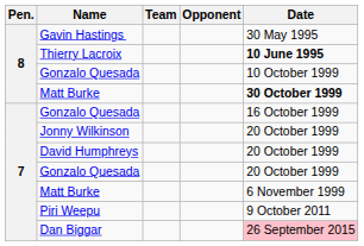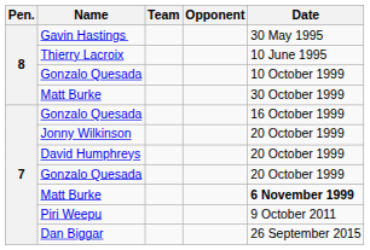 <table class="wikitable">
 <tr>
 <th>Pen.</th>
 <th>Name</th>
 <th>Team</th>
 <th>Opponent</th>
 <th>Date</th>
 </tr>
 <tr>
 <th rowspan="4">8</th>
 <td><a href='#'>Gavin Hastings </a></td>
 <td></td>
 <td></td>
 <td>30 May 1995</td>
 </tr>
 <tr>
 <td><a href='#'>Thierry Lacroix</a></td>
 <td></td>
 <td></td>
-<td><strong>10 June 1995</strong></td>
+<td>10 June 1995</td>
 </tr>
 <tr>
 <td><a href='#'>Gonzalo Quesada</a></td>
 <td></td>
 <td></td>
 <td>10 October 1999</td>
 </tr>
 <tr>
 <td><a href='#'>Matt Burke</a></td>
 <td></td>
 <td></td>
-<td><strong>30 October 1999</strong></td>
+<td>30 October 1999</td>
 </tr>
 <tr>
 <th rowspan="7">7</th>
 <td><a href='#'>Gonzalo Quesada</a></td>
 <td></td>
 <td></td>
 <td>16 October 1999</td>
 </tr>
 <tr>
 <td><a href='#'>Jonny Wilkinson</a></td>
 <td></td>
 <td></td>
 <td>20 October 1999</td>
 </tr>
 <tr>
 <td><a href='#'>David Humphreys</a></td>
 <td></td>
 <td></td>
 <td>20 October 1999</td>
 </tr>
 <tr>
 <td><a href='#'>Gonzalo Quesada</a></td>
 <td></td>
 <td></td>
 <td>20 October 1999</td>
 </tr>
 <tr>
 <td><a href='#'>Matt Burke</a></td>
 <td></td>
 <td></td>
-<td>6 November 1999</td>
+<td><strong>6 November 1999</strong></td>
 </tr>
 <tr>
 <td><a href='#'>Piri Weepu</a></td>
 <td></td>
 <td></td>
 <td>9 October 2011</td>
 </tr>
 <tr>
 <td><a href='#'>Dan Biggar</a></td>
 <td></td>
 <td></td>
-<td style="background: pink;">26 September 2015</td>
+<td>26 September 2015</td>
 </tr>
 </table>
